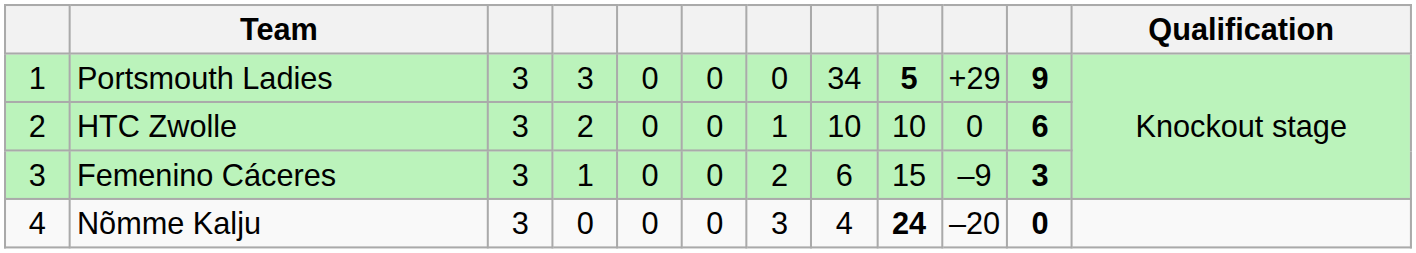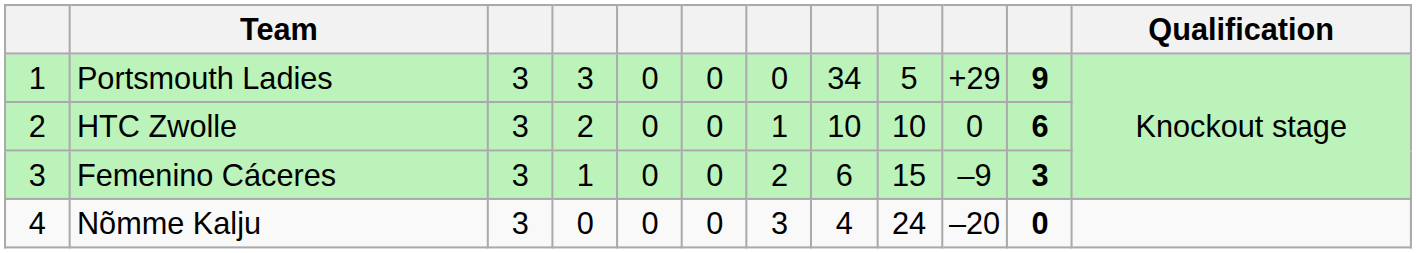 <table class="wikitable" style="font-size: 95%">
 <tr>
 <th width="25"></th>
 <th width="200">Team</th>
 <th width="25"></th>
 <th width="25"></th>
 <th width="25"></th>
 <th width="25"></th>
 <th width="25"></th>
 <th width="25"></th>
 <th width="25"></th>
 <th width="25"></th>
 <th width="25"></th>
 <th width="160">Qualification</th>
 </tr>
 <tr align=center bgcolor=#bbf3bb>
 <td>1</td>
 <td align=left> Portsmouth Ladies</td>
 <td>3</td>
 <td>3</td>
 <td>0</td>
 <td>0</td>
 <td>0</td>
 <td>34</td>
-<td><strong>5</strong></td>
+<td>5</td>
 <td>+29</td>
 <td><strong>9</strong></td>
 <td rowspan=3>Knockout stage</td>
 </tr>
 <tr align=center bgcolor=#bbf3bb>
 <td>2</td>
 <td align=left> HTC Zwolle</td>
 <td>3</td>
 <td>2</td>
 <td>0</td>
 <td>0</td>
 <td>1</td>
 <td>10</td>
 <td>10</td>
 <td>0</td>
 <td><strong>6</strong></td>
 </tr>
 <tr align=center bgcolor=#bbf3bb>
 <td>3</td>
 <td align=left> Femenino Cáceres</td>
 <td>3</td>
 <td>1</td>
 <td>0</td>
 <td>0</td>
 <td>2</td>
 <td>6</td>
 <td>15</td>
 <td>–9</td>
 <td><strong>3</strong></td>
 </tr>
 <tr align=center>
 <td>4</td>
 <td align=left> Nõmme Kalju</td>
 <td>3</td>
 <td>0</td>
 <td>0</td>
 <td>0</td>
 <td>3</td>
 <td>4</td>
-<td><strong>24</strong></td>
+<td>24</td>
 <td>–20</td>
 <td><strong>0</strong></td>
 <td></td>
 </tr>
 </table>
